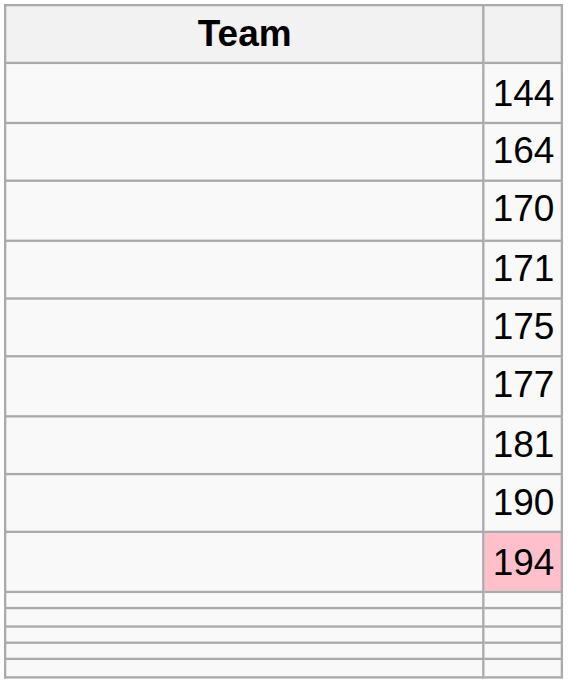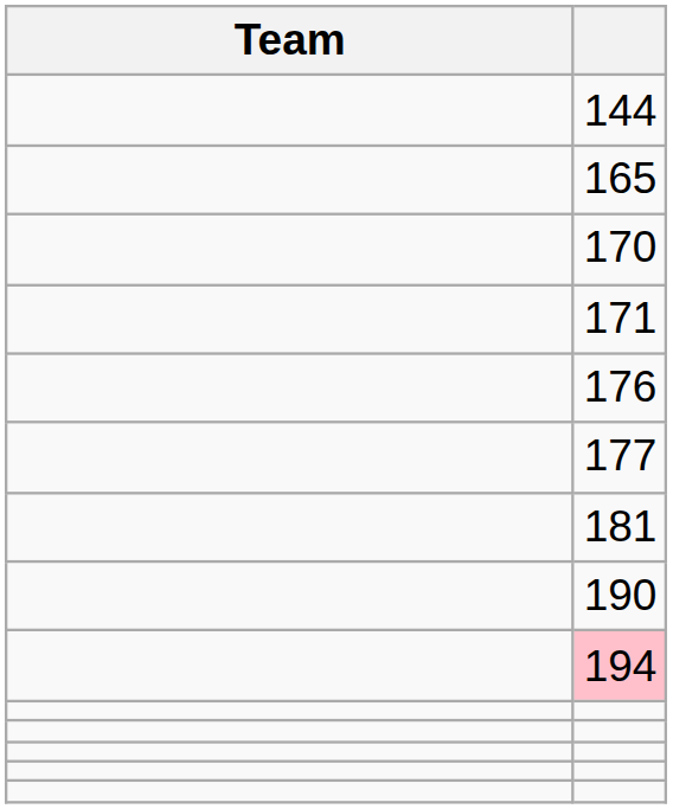 <table class="wikitable">
 <tr>
 <th style="width: 200px;">Team</th>
 <th></th>
 </tr>
 <tr>
 <td></td>
 <td style="text-align: center;">144</td>
 </tr>
 <tr>
 <td></td>
-<td style="text-align: center;">164</td>
+<td style="text-align: center;">165</td>
 </tr>
 <tr>
 <td></td>
 <td style="text-align: center;">170</td>
 </tr>
 <tr>
 <td></td>
 <td style="text-align: center;">171</td>
 </tr>
 <tr>
 <td></td>
-<td style="text-align: center;">175</td>
+<td style="text-align: center;">176</td>
 </tr>
 <tr>
 <td></td>
 <td style="text-align: center;">177</td>
 </tr>
 <tr>
 <td></td>
 <td style="text-align: center;">181</td>
 </tr>
 <tr>
 <td></td>
 <td style="text-align: center;">190</td>
 </tr>
 <tr>
 <td></td>
 <td style="background: pink; text-align: center;">194</td>
 </tr>
 <tr>
 <td></td>
 <td style="text-align: center;"></td>
 </tr>
 <tr>
 <td></td>
 <td style="text-align: center;"></td>
 </tr>
 <tr>
 <td></td>
 <td style="text-align: center;"></td>
 </tr>
 <tr>
 <td></td>
 <td style="text-align: center;"></td>
 </tr>
 <tr>
 <td></td>
 <td style="text-align: center;"></td>
 </tr>
 </table>
